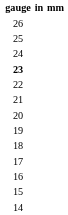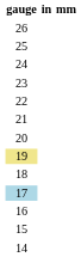 <table cellspacing="4" style="text-align:center">
 <tr>
 <th>gauge</th>
 <th>in</th>
 <th>mm</th>
 </tr>
 <tr>
 <td>26</td>
 <td></td>
 </tr>
 <tr>
 <td>25</td>
 <td></td>
 </tr>
 <tr>
 <td>24</td>
 <td></td>
 </tr>
 <tr>
-<td><strong>23</strong></td>
+<td>23</td>
 <td></td>
 </tr>
 <tr>
 <td>22</td>
 <td></td>
 </tr>
 <tr>
 <td>21</td>
 <td></td>
 </tr>
 <tr>
 <td>20</td>
 <td></td>
 </tr>
 <tr>
-<td>19</td>
+<td style="background: khaki;">19</td>
 <td></td>
 </tr>
 <tr>
 <td>18</td>
 <td></td>
 </tr>
 <tr>
-<td>17</td>
+<td style="background: lightblue;">17</td>
 <td></td>
 </tr>
 <tr>
 <td>16</td>
 <td></td>
 </tr>
 <tr>
 <td>15</td>
 <td></td>
 </tr>
 <tr>
 <td>14</td>
 <td></td>
 </tr>
 </table>
